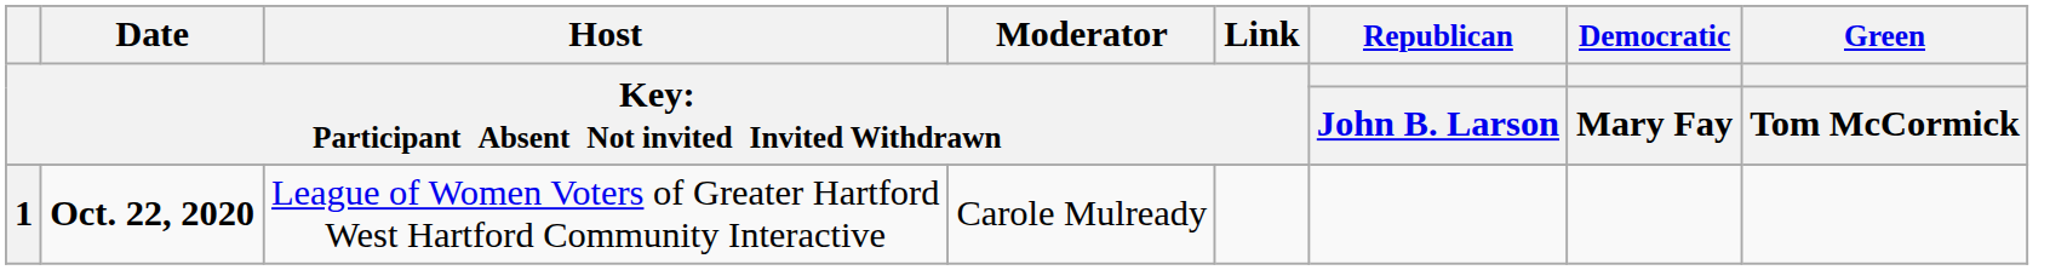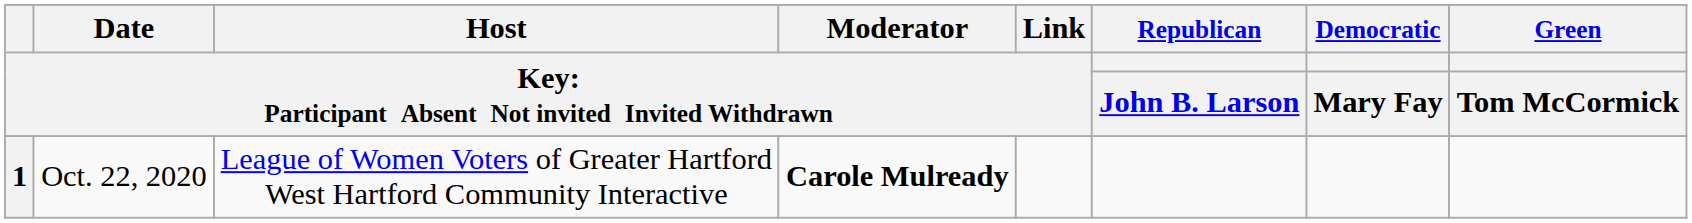 <table class="wikitable" style="text-align:center;">
 <tr>
 <th scope="col"></th>
 <th scope="col">Date</th>
 <th scope="col">Host</th>
 <th scope="col">Moderator</th>
 <th scope="col">Link</th>
 <th scope="col"><small><a href='#'>Republican</a></small></th>
 <th scope="col"><small><a href='#'>Democratic</a></small></th>
 <th scope="col"><small><a href='#'>Green</a></small></th>
 </tr>
 <tr>
 <th colspan="5" rowspan="2">Key:<br> <small>Participant </small>  <small>Absent </small>  <small>Not invited </small>  <small>Invited  Withdrawn</small></th>
 <th scope="col" style="background:"></th>
 <th scope="col" style="background:"></th>
 <th scope="col" style="background:"></th>
 </tr>
 <tr>
 <th scope="col"><a href='#'>John B. Larson</a></th>
 <th scope="col">Mary Fay</th>
 <th scope="col">Tom McCormick</th>
 </tr>
 <tr>
 <th>1</th>
-<td style="white-space:nowrap;"><strong>Oct. 22, 2020</strong></td>
+<td style="white-space:nowrap;">Oct. 22, 2020</td>
 <td style="white-space:nowrap;"><a href='#'>League of Women Voters</a> of Greater Hartford<br>West Hartford Community Interactive</td>
-<td style="white-space:nowrap;">Carole Mulready</td>
+<td style="white-space:nowrap;"><strong>Carole Mulready</strong></td>
 <td style="white-space:nowrap;"></td>
 <td></td>
 <td></td>
 <td></td>
 </tr>
 </table>
